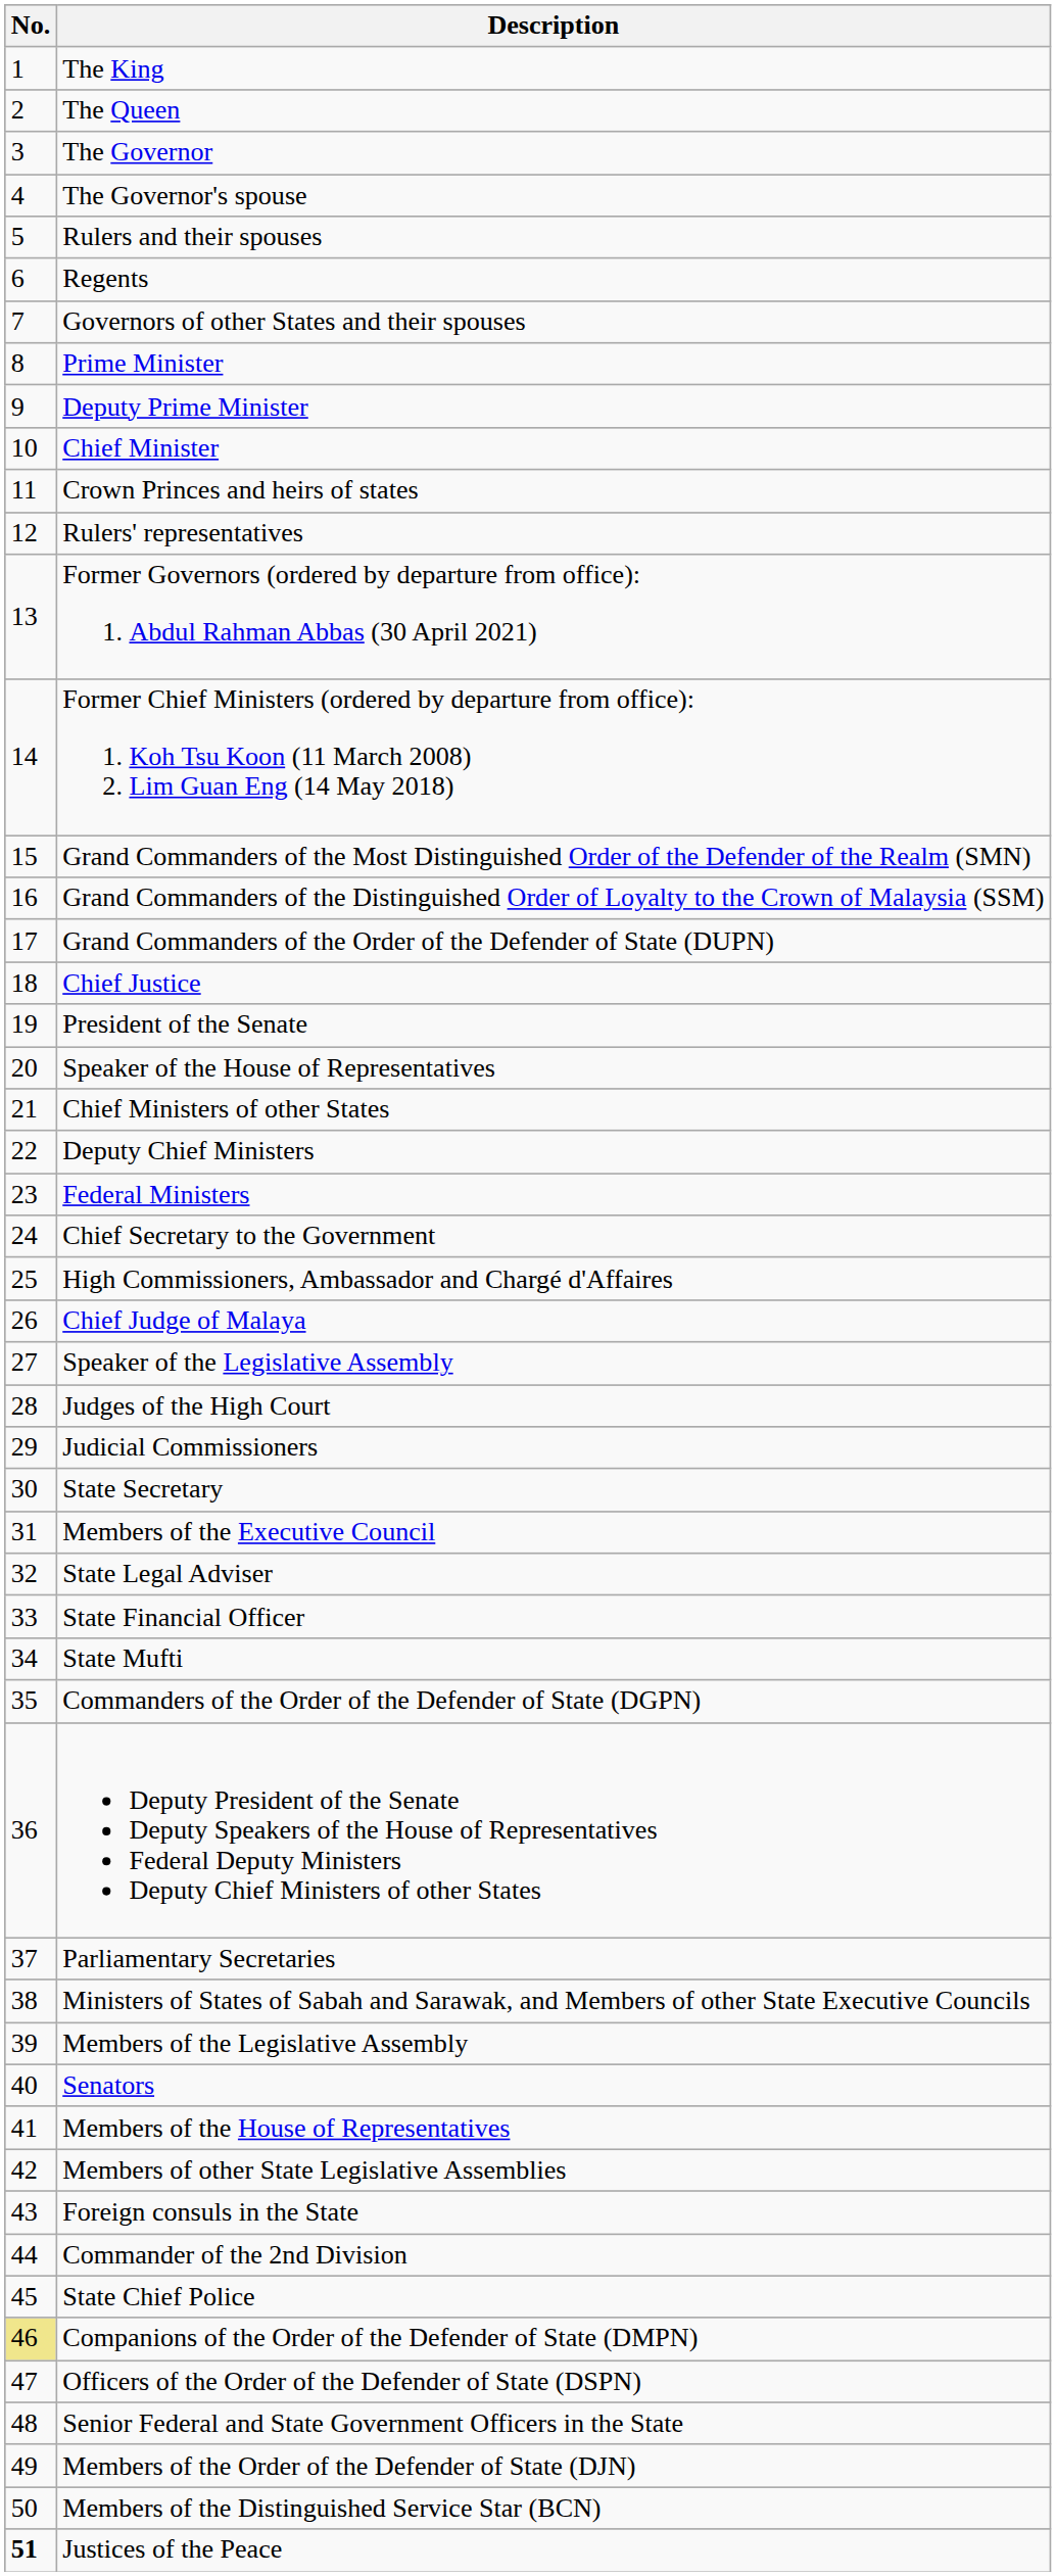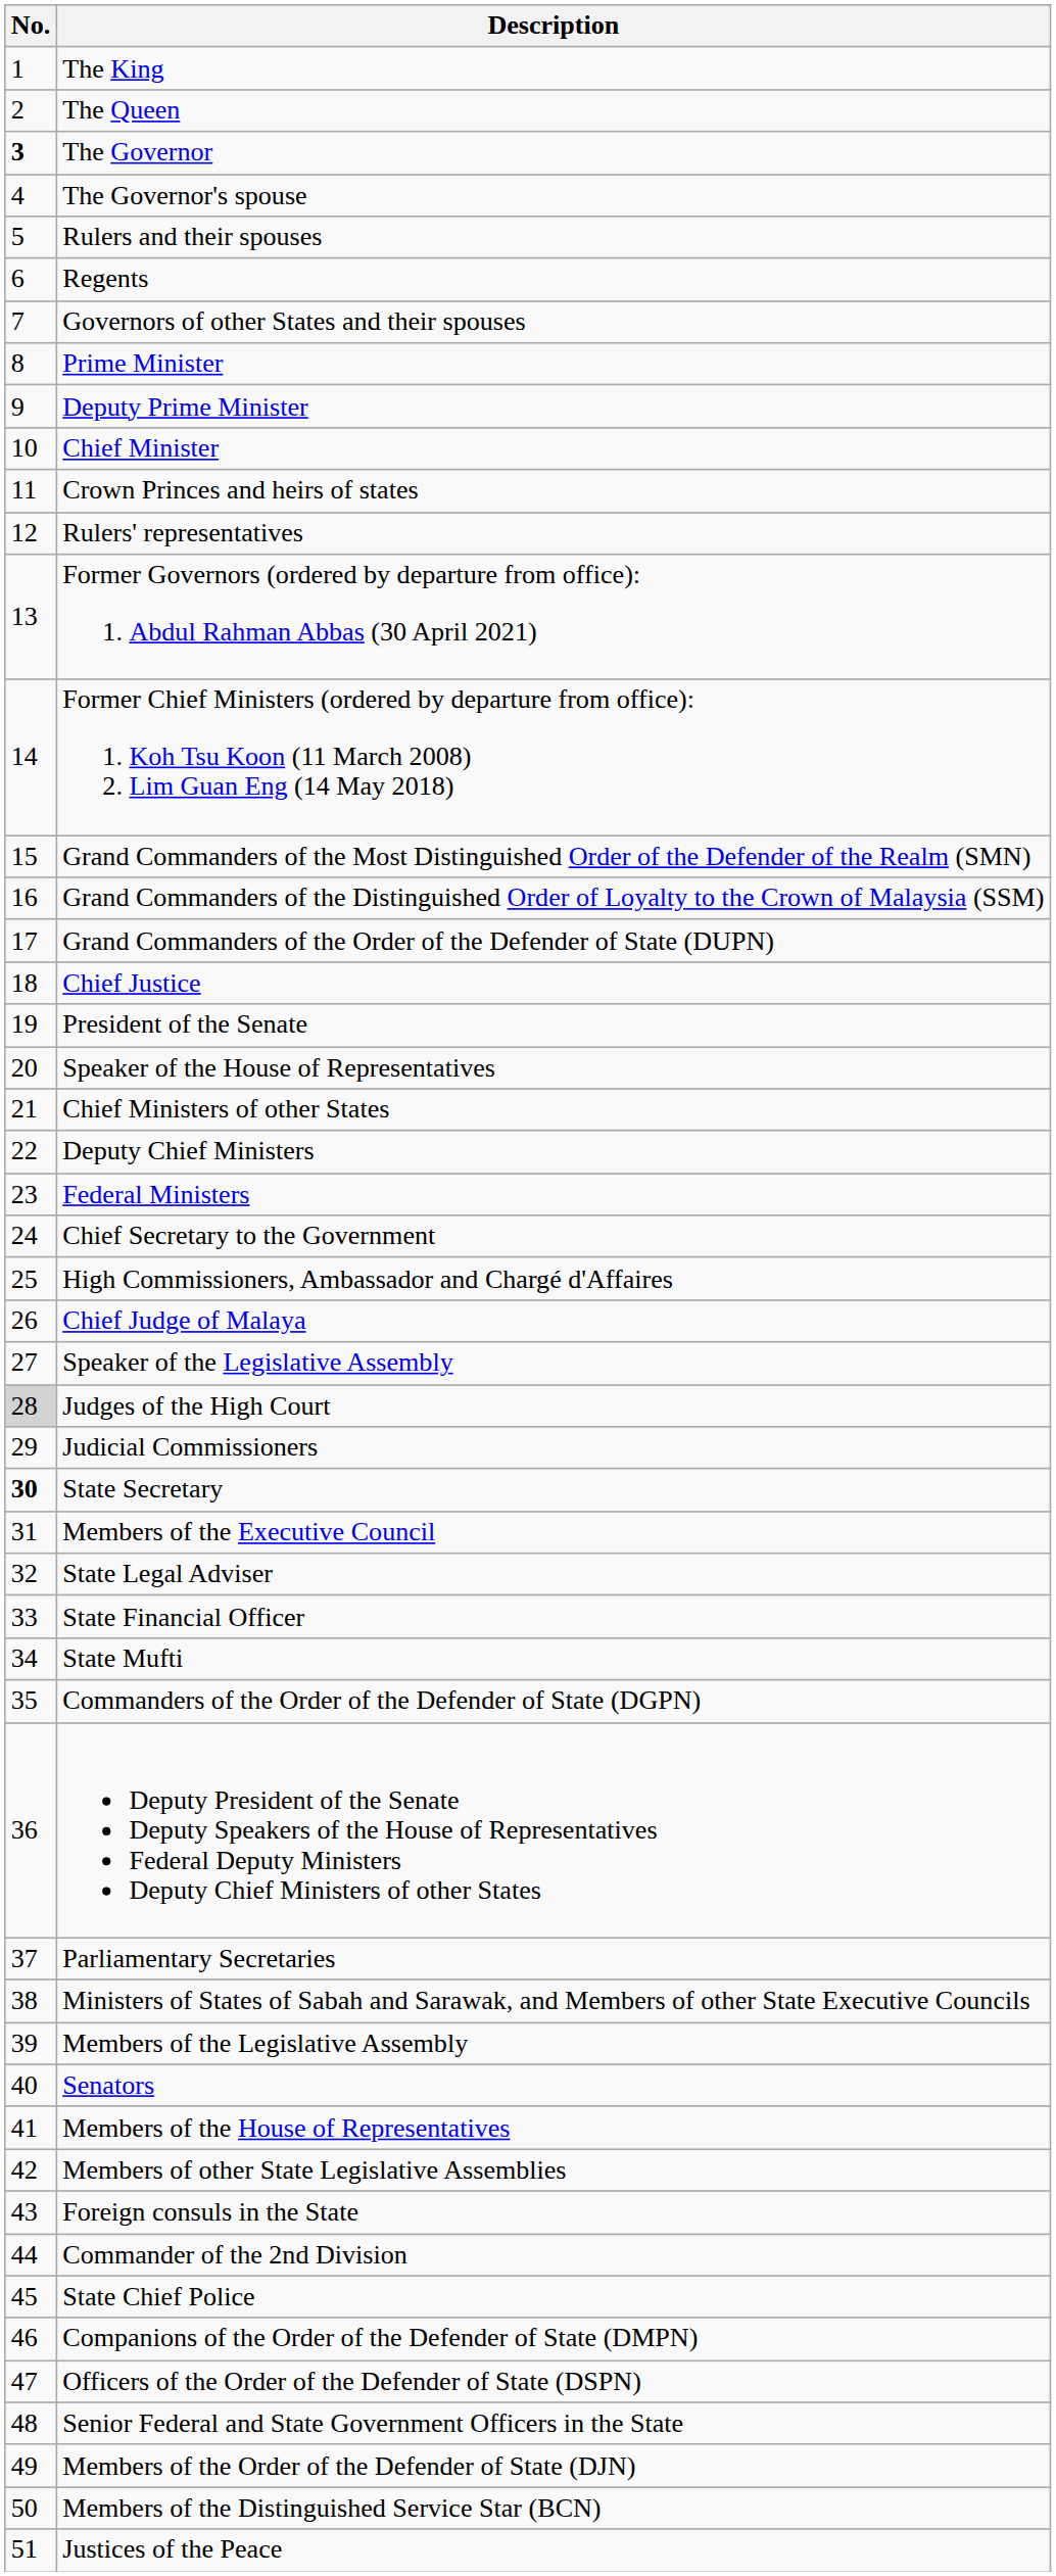 <table class="wikitable">
 <tr>
 <th>No.</th>
 <th>Description</th>
 </tr>
 <tr>
 <td>1</td>
 <td>The <a href='#'>King</a></td>
 </tr>
 <tr>
 <td>2</td>
 <td>The <a href='#'>Queen</a></td>
 </tr>
 <tr>
-<td>3</td>
+<td><strong>3</strong></td>
 <td>The <a href='#'>Governor</a></td>
 </tr>
 <tr>
 <td>4</td>
 <td>The Governor's spouse</td>
 </tr>
 <tr>
 <td>5</td>
 <td>Rulers and their spouses</td>
 </tr>
 <tr>
 <td>6</td>
 <td>Regents</td>
 </tr>
 <tr>
 <td>7</td>
 <td>Governors of other States and their spouses</td>
 </tr>
 <tr>
 <td>8</td>
 <td><a href='#'>Prime Minister</a></td>
 </tr>
 <tr>
 <td>9</td>
 <td><a href='#'>Deputy Prime Minister</a></td>
 </tr>
 <tr>
 <td>10</td>
 <td><a href='#'>Chief Minister</a></td>
 </tr>
 <tr>
 <td>11</td>
 <td>Crown Princes and heirs of states</td>
 </tr>
 <tr>
 <td>12</td>
 <td>Rulers' representatives</td>
 </tr>
 <tr>
 <td>13</td>
 <td>Former Governors (ordered by departure from office):<br><ol><li><a href='#'>Abdul Rahman Abbas</a> (30 April 2021)</li></ol></td>
 </tr>
 <tr>
 <td>14</td>
 <td>Former Chief Ministers (ordered by departure from office):<br><ol><li><a href='#'>Koh Tsu Koon</a> (11 March 2008)</li><li><a href='#'>Lim Guan Eng</a> (14 May 2018)</li></ol></td>
 </tr>
 <tr>
 <td>15</td>
 <td>Grand Commanders of the Most Distinguished <a href='#'>Order of the Defender of the Realm</a> (SMN)</td>
 </tr>
 <tr>
 <td>16</td>
 <td>Grand Commanders of the Distinguished <a href='#'>Order of Loyalty to the Crown of Malaysia</a> (SSM)</td>
 </tr>
 <tr>
 <td>17</td>
 <td>Grand Commanders of the Order of the Defender of State (DUPN)</td>
 </tr>
 <tr>
 <td>18</td>
 <td><a href='#'>Chief Justice</a></td>
 </tr>
 <tr>
 <td>19</td>
 <td>President of the Senate</td>
 </tr>
 <tr>
 <td>20</td>
 <td>Speaker of the House of Representatives</td>
 </tr>
 <tr>
 <td>21</td>
 <td>Chief Ministers of other States</td>
 </tr>
 <tr>
 <td>22</td>
 <td>Deputy Chief Ministers</td>
 </tr>
 <tr>
 <td>23</td>
 <td><a href='#'>Federal Ministers</a></td>
 </tr>
 <tr>
 <td>24</td>
 <td>Chief Secretary to the Government</td>
 </tr>
 <tr>
 <td>25</td>
 <td>High Commissioners, Ambassador and Chargé d'Affaires</td>
 </tr>
 <tr>
 <td>26</td>
 <td><a href='#'>Chief Judge of Malaya</a></td>
 </tr>
 <tr>
 <td>27</td>
 <td>Speaker of the <a href='#'>Legislative Assembly</a></td>
 </tr>
 <tr>
-<td>28</td>
+<td style="background: lightgrey;">28</td>
 <td>Judges of the High Court</td>
 </tr>
 <tr>
 <td>29</td>
 <td>Judicial Commissioners</td>
 </tr>
 <tr>
-<td>30</td>
+<td><strong>30</strong></td>
 <td>State Secretary</td>
 </tr>
 <tr>
 <td>31</td>
 <td>Members of the <a href='#'>Executive Council</a></td>
 </tr>
 <tr>
 <td>32</td>
 <td>State Legal Adviser</td>
 </tr>
 <tr>
 <td>33</td>
 <td>State Financial Officer</td>
 </tr>
 <tr>
 <td>34</td>
 <td>State Mufti</td>
 </tr>
 <tr>
 <td>35</td>
 <td>Commanders of the Order of the Defender of State (DGPN)</td>
 </tr>
 <tr>
 <td>36</td>
 <td><br><ul><li>Deputy President of the Senate</li><li>Deputy Speakers of the House of Representatives</li><li>Federal Deputy Ministers</li><li>Deputy Chief Ministers of other States</li></ul></td>
 </tr>
 <tr>
 <td>37</td>
 <td>Parliamentary Secretaries</td>
 </tr>
 <tr>
 <td>38</td>
 <td>Ministers of States of Sabah and Sarawak, and Members of other State Executive Councils</td>
 </tr>
 <tr>
 <td>39</td>
 <td>Members of the Legislative Assembly</td>
 </tr>
 <tr>
 <td>40</td>
 <td><a href='#'>Senators</a></td>
 </tr>
 <tr>
 <td>41</td>
 <td>Members of the <a href='#'>House of Representatives</a></td>
 </tr>
 <tr>
 <td>42</td>
 <td>Members of other State Legislative Assemblies</td>
 </tr>
 <tr>
 <td>43</td>
 <td>Foreign consuls in the State</td>
 </tr>
 <tr>
 <td>44</td>
 <td>Commander of the 2nd Division</td>
 </tr>
 <tr>
 <td>45</td>
 <td>State Chief Police</td>
 </tr>
 <tr>
-<td style="background: khaki;">46</td>
+<td>46</td>
 <td>Companions of the Order of the Defender of State (DMPN)</td>
 </tr>
 <tr>
 <td>47</td>
 <td>Officers of the Order of the Defender of State (DSPN)</td>
 </tr>
 <tr>
 <td>48</td>
 <td>Senior Federal and State Government Officers in the State</td>
 </tr>
 <tr>
 <td>49</td>
 <td>Members of the Order of the Defender of State (DJN)</td>
 </tr>
 <tr>
 <td>50</td>
 <td>Members of the Distinguished Service Star (BCN)</td>
 </tr>
 <tr>
-<td><strong>51</strong></td>
+<td>51</td>
 <td>Justices of the Peace</td>
 </tr>
 </table>
